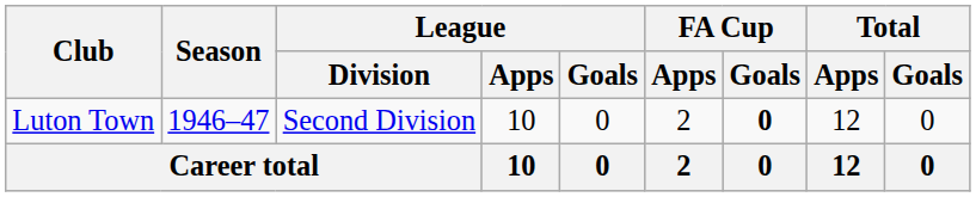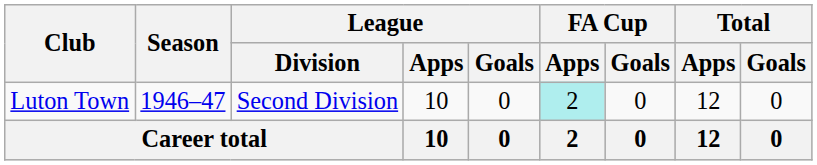 <table class="wikitable" style="text-align:center">
 <tr>
 <th rowspan="2">Club</th>
 <th rowspan="2">Season</th>
 <th colspan="3">League</th>
 <th colspan="2">FA Cup</th>
 <th colspan="2">Total</th>
 </tr>
 <tr>
 <th>Division</th>
 <th>Apps</th>
 <th>Goals</th>
 <th>Apps</th>
 <th>Goals</th>
 <th>Apps</th>
 <th>Goals</th>
 </tr>
 <tr>
 <td><a href='#'>Luton Town</a></td>
 <td><a href='#'>1946–47</a></td>
 <td><a href='#'>Second Division</a></td>
 <td>10</td>
 <td>0</td>
-<td>2</td>
-<td><strong>0</strong></td>
+<td style="background: paleturquoise;">2</td>
+<td>0</td>
 <td>12</td>
 <td>0</td>
 </tr>
 <tr>
 <th colspan="3">Career total</th>
 <th>10</th>
 <th>0</th>
 <th>2</th>
 <th>0</th>
 <th>12</th>
 <th>0</th>
 </tr>
 </table>
